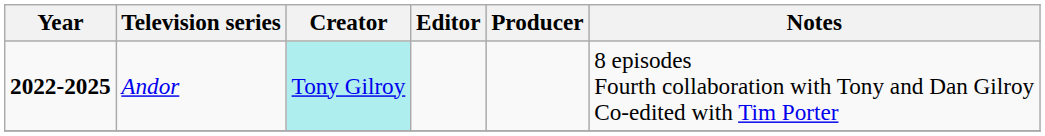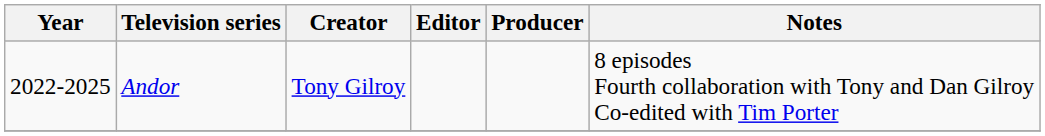 <table class="wikitable">
 <tr>
 <th>Year</th>
 <th>Television series</th>
 <th>Creator</th>
 <th>Editor</th>
 <th>Producer</th>
 <th>Notes</th>
 </tr>
 <tr>
-<td><strong>2022-2025</strong></td>
+<td>2022-2025</td>
 <td><em><a href='#'>Andor</a></em></td>
-<td style="background: paleturquoise;"><a href='#'>Tony Gilroy</a></td>
+<td><a href='#'>Tony Gilroy</a></td>
 <td></td>
 <td></td>
 <td>8 episodes<br>Fourth collaboration with Tony and Dan Gilroy<br>Co-edited with <a href='#'>Tim Porter</a></td>
 </tr>
 <tr>
 </tr>
 </table>
